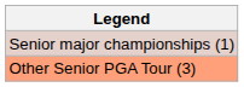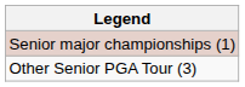 <table class="wikitable" style="font-size:95%;">
 <tr>
 <th>Legend</th>
 </tr>
 <tr style="background:#e5d1cb;">
 <td>Senior major championships (1)</td>
 </tr>
 <tr>
-<td style="background: lightsalmon;">Other Senior PGA Tour (3)</td>
+<td>Other Senior PGA Tour (3)</td>
 </tr>
 </table>
